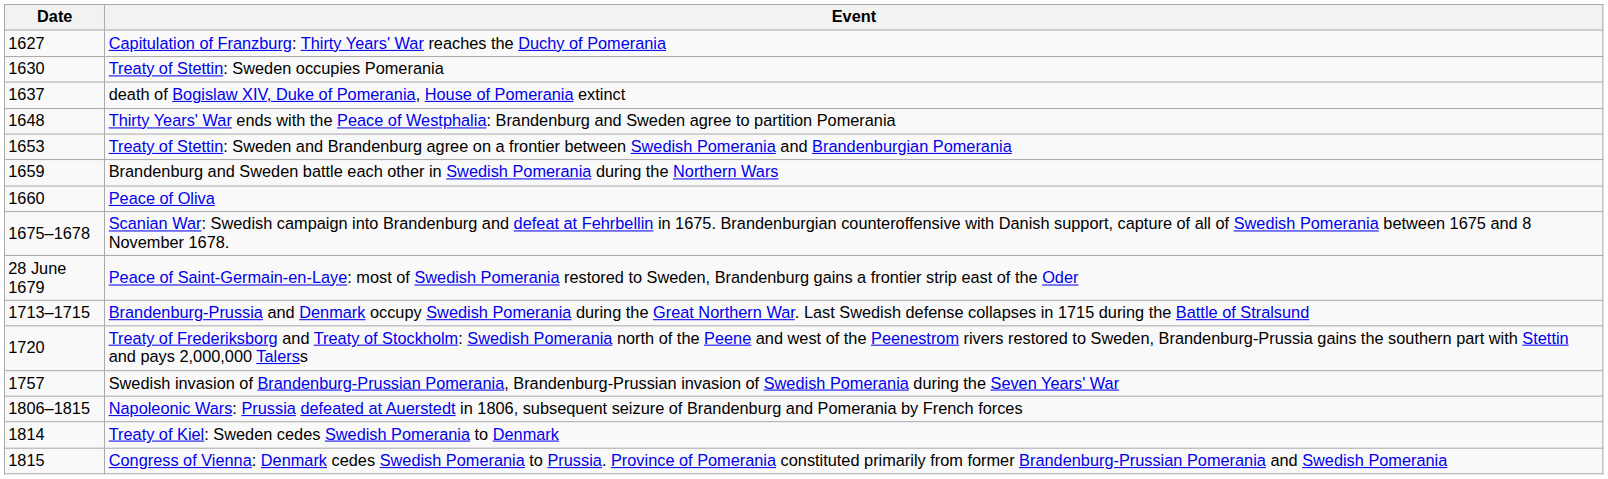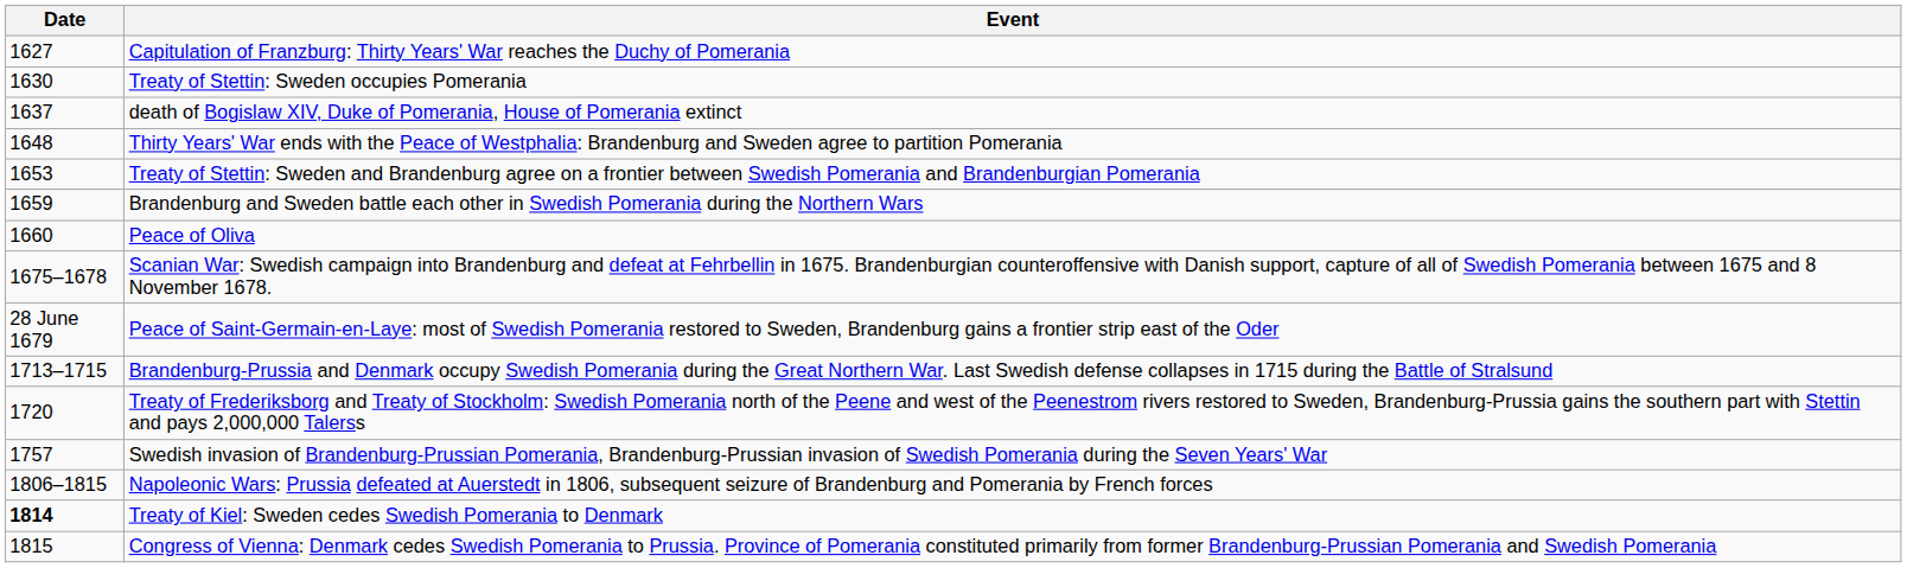 <table class=wikitable>
 <tr>
 <th>Date</th>
 <th>Event</th>
 </tr>
 <tr>
 <td>1627</td>
 <td><a href='#'>Capitulation of Franzburg</a>: <a href='#'>Thirty Years' War</a> reaches the <a href='#'>Duchy of Pomerania</a></td>
 </tr>
 <tr>
 <td>1630</td>
 <td><a href='#'>Treaty of Stettin</a>: Sweden occupies Pomerania</td>
 </tr>
 <tr>
 <td>1637</td>
 <td>death of <a href='#'>Bogislaw XIV, Duke of Pomerania</a>, <a href='#'>House of Pomerania</a> extinct</td>
 </tr>
 <tr>
 <td>1648</td>
 <td><a href='#'>Thirty Years' War</a> ends with the <a href='#'>Peace of Westphalia</a>: Brandenburg and Sweden agree to partition Pomerania</td>
 </tr>
 <tr>
 <td>1653</td>
 <td><a href='#'>Treaty of Stettin</a>: Sweden and Brandenburg agree on a frontier between <a href='#'>Swedish Pomerania</a> and <a href='#'>Brandenburgian Pomerania</a></td>
 </tr>
 <tr>
 <td>1659</td>
 <td>Brandenburg and Sweden battle each other in <a href='#'>Swedish Pomerania</a> during the <a href='#'>Northern Wars</a></td>
 </tr>
 <tr>
 <td>1660</td>
 <td><a href='#'>Peace of Oliva</a></td>
 </tr>
 <tr>
 <td>1675–1678</td>
 <td><a href='#'>Scanian War</a>: Swedish campaign into Brandenburg and <a href='#'>defeat at Fehrbellin</a> in 1675. Brandenburgian counteroffensive with Danish support, capture of all of <a href='#'>Swedish Pomerania</a> between 1675 and 8 November 1678.</td>
 </tr>
 <tr>
 <td>28 June 1679</td>
 <td><a href='#'>Peace of Saint-Germain-en-Laye</a>: most of <a href='#'>Swedish Pomerania</a> restored to Sweden, Brandenburg gains a frontier strip east of the <a href='#'>Oder</a></td>
 </tr>
 <tr>
 <td>1713–1715</td>
 <td><a href='#'>Brandenburg-Prussia</a> and <a href='#'>Denmark</a> occupy <a href='#'>Swedish Pomerania</a> during the <a href='#'>Great Northern War</a>. Last Swedish defense collapses in 1715 during the <a href='#'>Battle of Stralsund</a></td>
 </tr>
 <tr>
 <td>1720</td>
 <td><a href='#'>Treaty of Frederiksborg</a> and <a href='#'>Treaty of Stockholm</a>: <a href='#'>Swedish Pomerania</a> north of the <a href='#'>Peene</a> and west of the <a href='#'>Peenestrom</a> rivers restored to Sweden, Brandenburg-Prussia gains the southern part with <a href='#'>Stettin</a> and pays 2,000,000 <a href='#'>Talers</a>s</td>
 </tr>
 <tr>
 <td>1757</td>
 <td>Swedish invasion of <a href='#'>Brandenburg-Prussian Pomerania</a>, Brandenburg-Prussian invasion of <a href='#'>Swedish Pomerania</a> during the <a href='#'>Seven Years' War</a></td>
 </tr>
 <tr>
 <td>1806–1815</td>
 <td><a href='#'>Napoleonic Wars</a>: <a href='#'>Prussia</a> <a href='#'>defeated at Auerstedt</a> in 1806, subsequent seizure of Brandenburg and Pomerania by French forces</td>
 </tr>
 <tr>
-<td>1814</td>
+<td><strong>1814</strong></td>
 <td><a href='#'>Treaty of Kiel</a>: Sweden cedes <a href='#'>Swedish Pomerania</a> to <a href='#'>Denmark</a></td>
 </tr>
 <tr>
 <td>1815</td>
 <td><a href='#'>Congress of Vienna</a>: <a href='#'>Denmark</a> cedes <a href='#'>Swedish Pomerania</a> to <a href='#'>Prussia</a>. <a href='#'>Province of Pomerania</a> constituted primarily from former <a href='#'>Brandenburg-Prussian Pomerania</a> and <a href='#'>Swedish Pomerania</a></td>
 </tr>
 </table>
